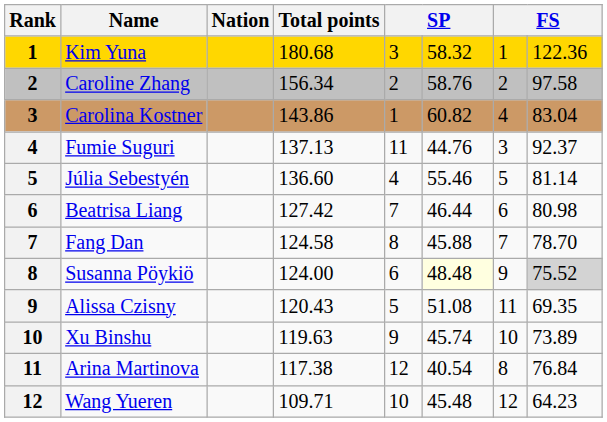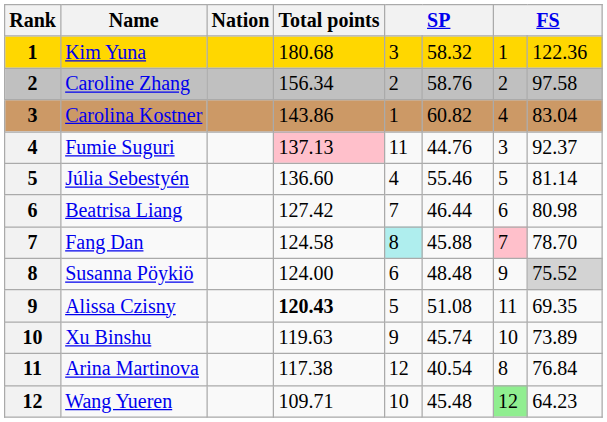 <table class="wikitable">
 <tr>
 <th>Rank</th>
 <th>Name</th>
 <th>Nation</th>
 <th>Total points</th>
 <th colspan="2" width="80px"><a href='#'>SP</a></th>
 <th colspan="2" width="80px"><a href='#'>FS</a></th>
 </tr>
 <tr bgcolor="gold">
 <td align="center"><strong>1</strong></td>
 <td><a href='#'>Kim Yuna</a></td>
 <td></td>
 <td>180.68</td>
 <td>3</td>
 <td>58.32</td>
 <td>1</td>
 <td>122.36</td>
 </tr>
 <tr bgcolor="silver">
 <td align="center"><strong>2</strong></td>
 <td><a href='#'>Caroline Zhang</a></td>
 <td></td>
 <td>156.34</td>
 <td>2</td>
 <td>58.76</td>
 <td>2</td>
 <td>97.58</td>
 </tr>
 <tr bgcolor="cc9966">
 <td align="center"><strong>3</strong></td>
 <td><a href='#'>Carolina Kostner</a></td>
 <td></td>
 <td>143.86</td>
 <td>1</td>
 <td>60.82</td>
 <td>4</td>
 <td>83.04</td>
 </tr>
 <tr>
 <th>4</th>
 <td><a href='#'>Fumie Suguri</a></td>
 <td></td>
-<td>137.13</td>
+<td style="background: pink;">137.13</td>
 <td>11</td>
 <td>44.76</td>
 <td>3</td>
 <td>92.37</td>
 </tr>
 <tr>
 <th>5</th>
 <td><a href='#'>Júlia Sebestyén</a></td>
 <td></td>
 <td>136.60</td>
 <td>4</td>
 <td>55.46</td>
 <td>5</td>
 <td>81.14</td>
 </tr>
 <tr>
 <th>6</th>
 <td><a href='#'>Beatrisa Liang</a></td>
 <td></td>
 <td>127.42</td>
 <td>7</td>
 <td>46.44</td>
 <td>6</td>
 <td>80.98</td>
 </tr>
 <tr>
 <th>7</th>
 <td><a href='#'>Fang Dan</a></td>
 <td></td>
 <td>124.58</td>
-<td>8</td>
+<td style="background: paleturquoise;">8</td>
 <td>45.88</td>
-<td>7</td>
+<td style="background: pink;">7</td>
 <td>78.70</td>
 </tr>
 <tr>
 <th>8</th>
 <td><a href='#'>Susanna Pöykiö</a></td>
 <td></td>
 <td>124.00</td>
 <td>6</td>
-<td style="background: lightyellow;">48.48</td>
+<td>48.48</td>
 <td>9</td>
 <td style="background: lightgrey;">75.52</td>
 </tr>
 <tr>
 <th>9</th>
 <td><a href='#'>Alissa Czisny</a></td>
 <td></td>
-<td>120.43</td>
+<td><strong>120.43</strong></td>
 <td>5</td>
 <td>51.08</td>
 <td>11</td>
 <td>69.35</td>
 </tr>
 <tr>
 <th>10</th>
 <td><a href='#'>Xu Binshu</a></td>
 <td></td>
 <td>119.63</td>
 <td>9</td>
 <td>45.74</td>
 <td>10</td>
 <td>73.89</td>
 </tr>
 <tr>
 <th>11</th>
 <td><a href='#'>Arina Martinova</a></td>
 <td></td>
 <td>117.38</td>
 <td>12</td>
 <td>40.54</td>
 <td>8</td>
 <td>76.84</td>
 </tr>
 <tr>
 <th>12</th>
 <td><a href='#'>Wang Yueren</a></td>
 <td></td>
 <td>109.71</td>
 <td>10</td>
 <td>45.48</td>
-<td>12</td>
+<td style="background: lightgreen;">12</td>
 <td>64.23</td>
 </tr>
 </table>
